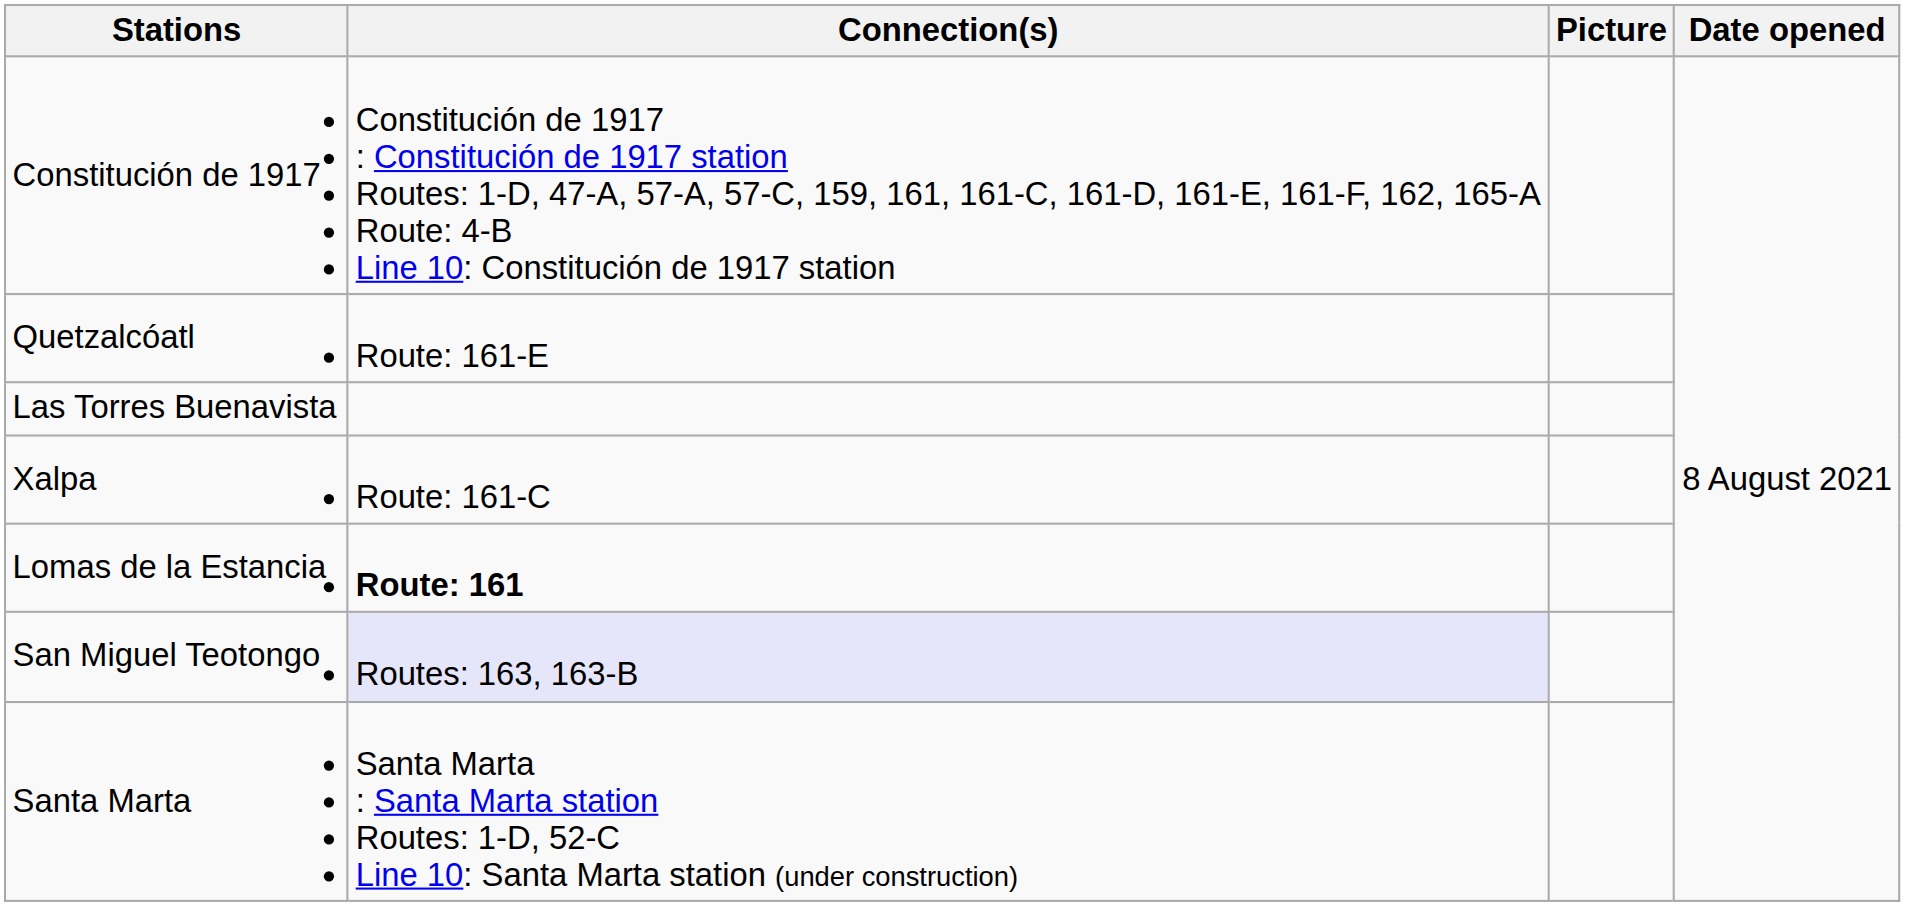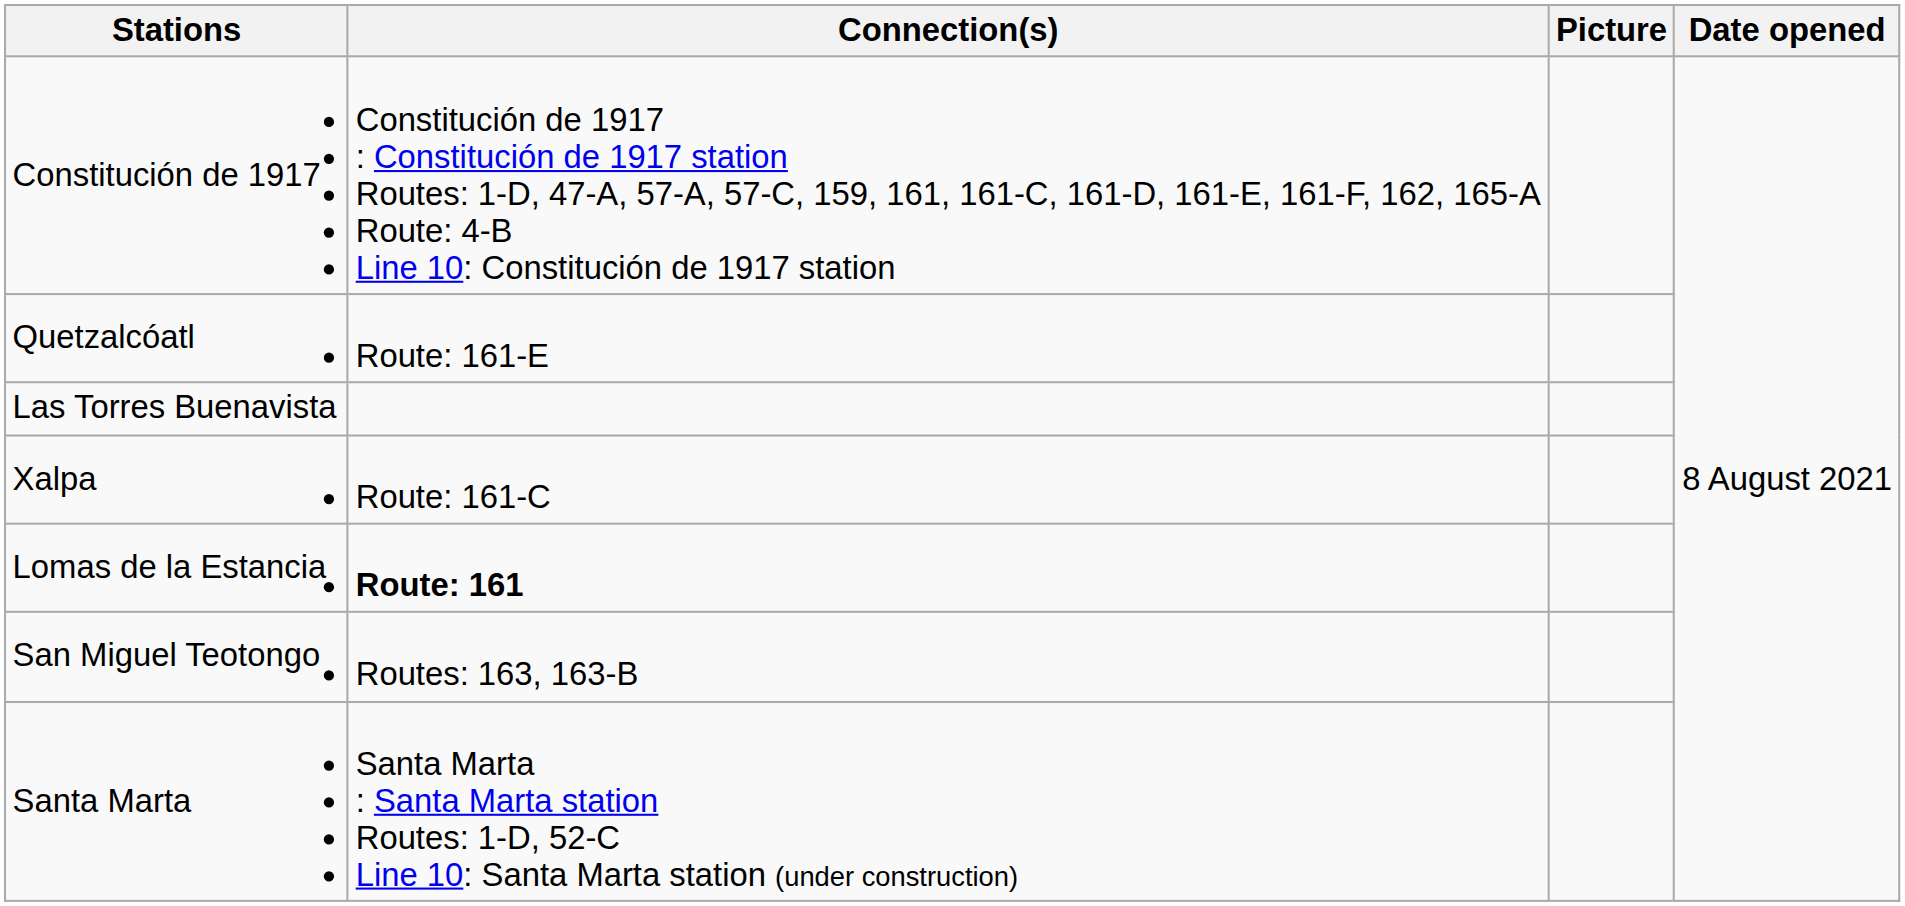 <table class="wikitable">
 <tr>
 <th width="160px">Stations</th>
 <th>Connection(s)</th>
 <th>Picture</th>
 <th>Date opened</th>
 </tr>
 <tr>
 <td> Constitución de 1917</td>
 <td><br><li> Constitución de 1917</li> <li> : <a href='#'>Constitución de 1917 station</a></li> <li> Routes: 1-D, 47-A, 57-A, 57-C, 159, 161, 161-C, 161-D, 161-E, 161-F, 162, 165-A</li> <li> Route: 4-B</li> <li> <a href='#'>Line 10</a>: Constitución de 1917 station</td>
 <td></td>
 <td rowspan=7>8 August 2021</td>
 </tr>
 <tr>
 <td> Quetzalcóatl</td>
 <td><br><li> Route: 161-E</td>
 <td></td>
 </tr>
 <tr>
 <td> Las Torres Buenavista</td>
 <td></td>
 <td></td>
 </tr>
 <tr>
 <td> Xalpa</td>
 <td><br><li> Route: 161-C</td>
 <td></td>
 </tr>
 <tr>
 <td> Lomas de la Estancia</td>
 <td><strong><br><li> Route: 161</strong></td>
 <td></td>
 </tr>
 <tr>
 <td> San Miguel Teotongo</td>
-<td style="background: lavender;"><br><li> Routes: 163, 163-B</td>
+<td><br><li> Routes: 163, 163-B</td>
 <td></td>
 </tr>
 <tr>
 <td> Santa Marta</td>
 <td><br><li> Santa Marta</li> <li> : <a href='#'>Santa Marta station</a></li> <li> Routes: 1-D, 52-C</li> <li> <a href='#'>Line 10</a>: Santa Marta station <small>(under construction)</small></td>
 <td></td>
 </tr>
 </table>
